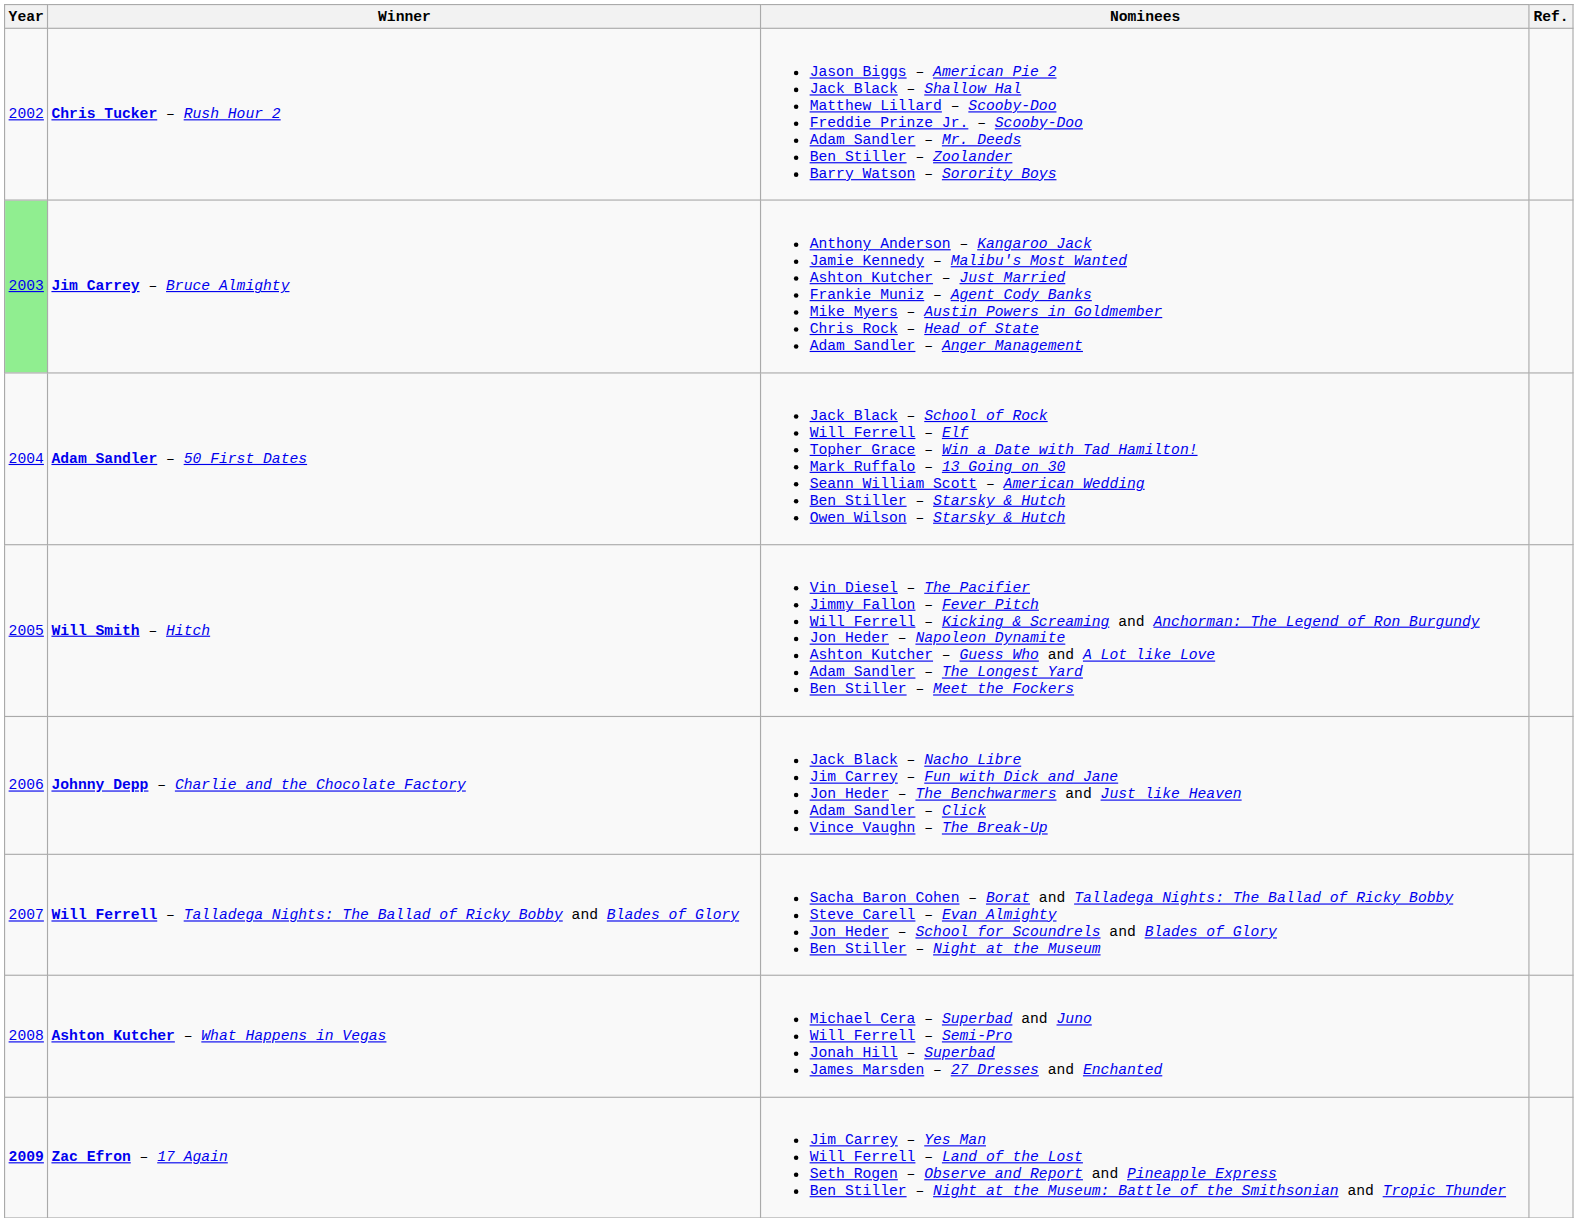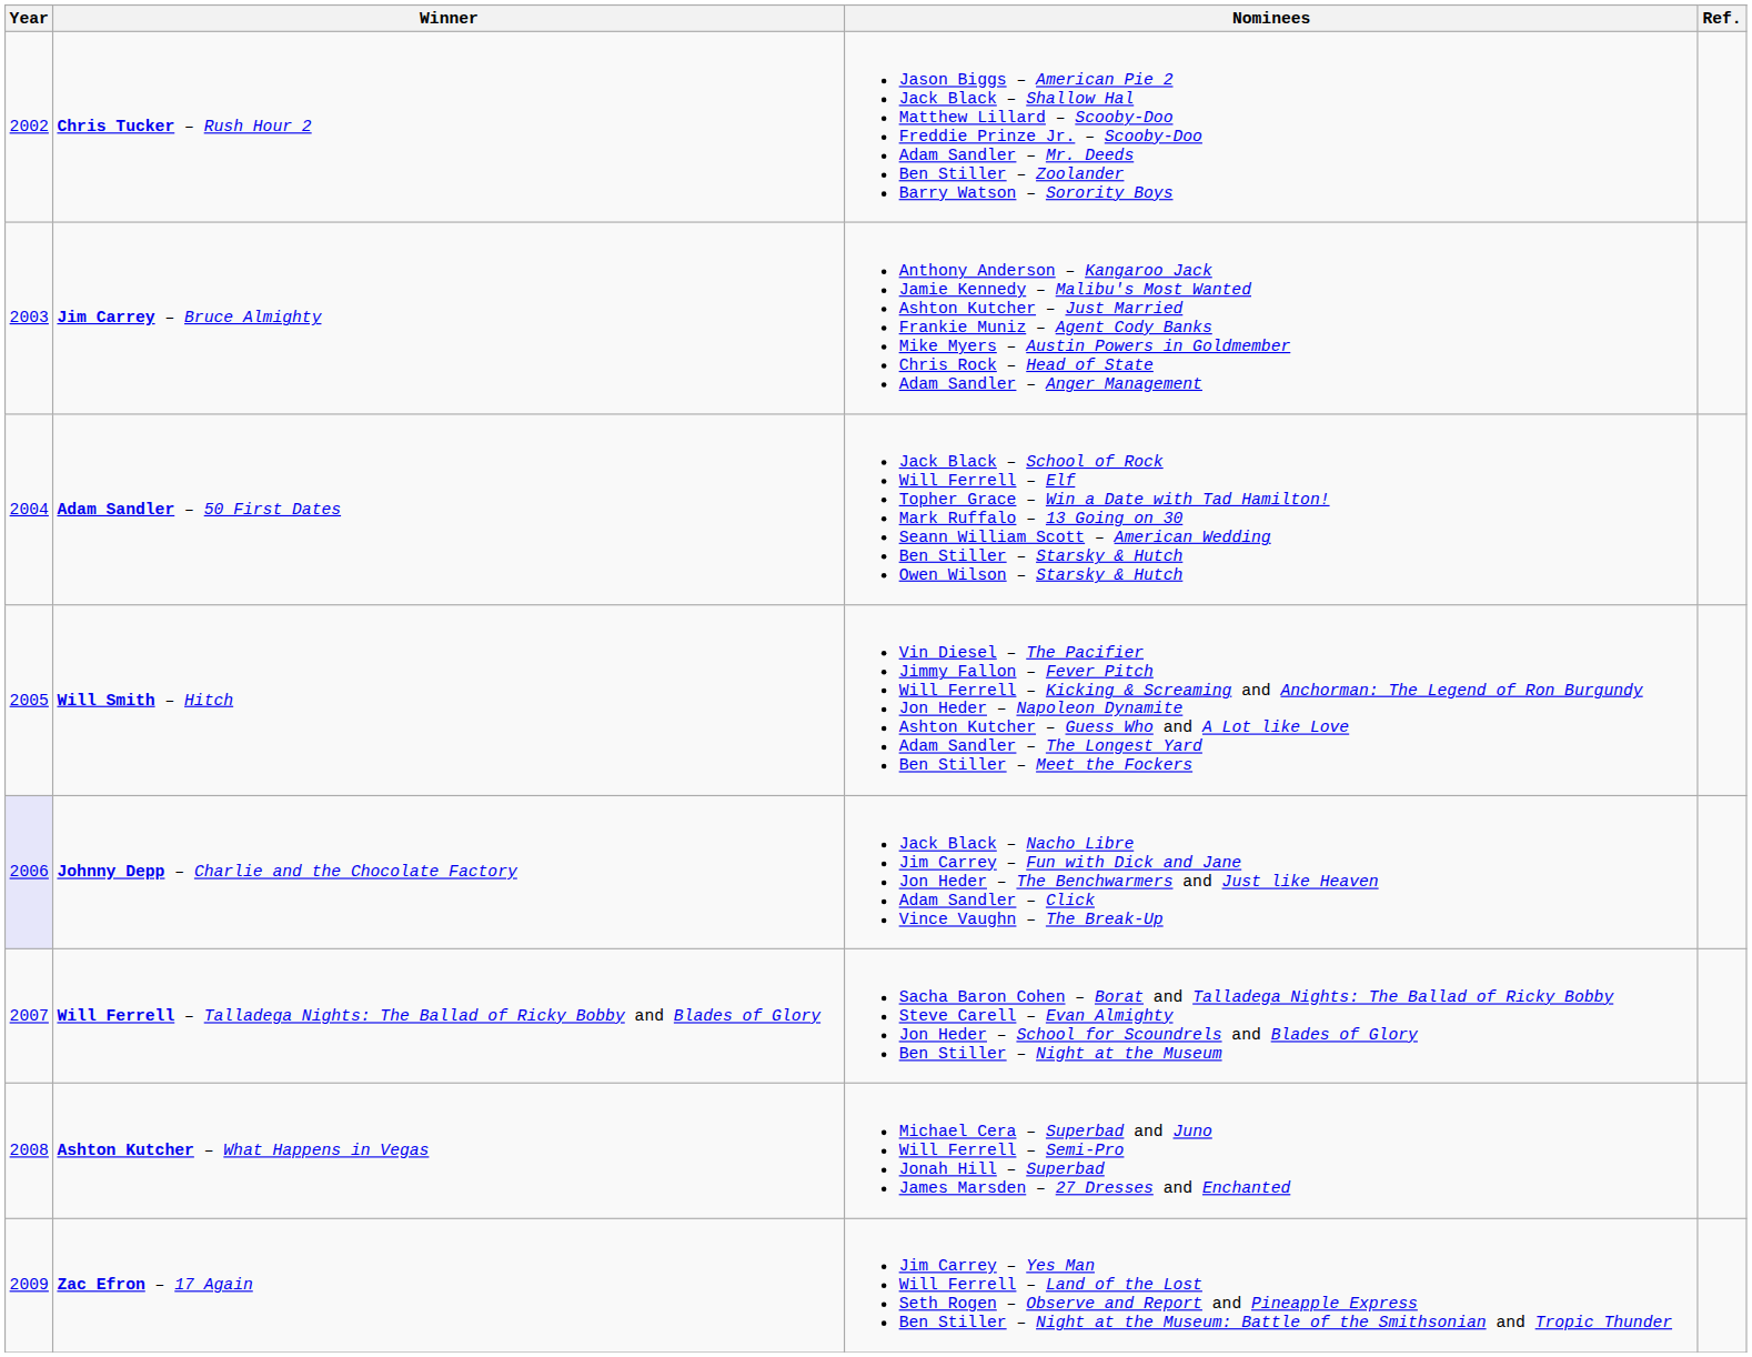 <table class="wikitable" width=70%>
 <tr>
 <th>Year</th>
 <th>Winner</th>
 <th>Nominees</th>
 <th>Ref.</th>
 </tr>
 <tr>
 <td align="center"><a href='#'>2002</a></td>
 <td><strong><a href='#'>Chris Tucker</a></strong> – <em><a href='#'>Rush Hour 2</a></em></td>
 <td><br><ul><li><a href='#'>Jason Biggs</a> – <em><a href='#'>American Pie 2</a></em></li><li><a href='#'>Jack Black</a> – <em><a href='#'>Shallow Hal</a></em></li><li><a href='#'>Matthew Lillard</a> – <em><a href='#'>Scooby-Doo</a></em></li><li><a href='#'>Freddie Prinze Jr.</a> – <em><a href='#'>Scooby-Doo</a></em></li><li><a href='#'>Adam Sandler</a> – <em><a href='#'>Mr. Deeds</a></em></li><li><a href='#'>Ben Stiller</a> – <em><a href='#'>Zoolander</a></em></li><li><a href='#'>Barry Watson</a> – <em><a href='#'>Sorority Boys</a></em></li></ul></td>
 <td align="center"></td>
 </tr>
 <tr>
-<td align="center" style="background: lightgreen;"><a href='#'>2003</a></td>
+<td align="center"><a href='#'>2003</a></td>
 <td><strong><a href='#'>Jim Carrey</a></strong> – <em><a href='#'>Bruce Almighty</a></em></td>
 <td><br><ul><li><a href='#'>Anthony Anderson</a> – <em><a href='#'>Kangaroo Jack</a></em></li><li><a href='#'>Jamie Kennedy</a> – <em><a href='#'>Malibu's Most Wanted</a></em></li><li><a href='#'>Ashton Kutcher</a> – <em><a href='#'>Just Married</a></em></li><li><a href='#'>Frankie Muniz</a> – <em><a href='#'>Agent Cody Banks</a></em></li><li><a href='#'>Mike Myers</a> – <em><a href='#'>Austin Powers in Goldmember</a></em></li><li><a href='#'>Chris Rock</a> – <em><a href='#'>Head of State</a></em></li><li><a href='#'>Adam Sandler</a> – <em><a href='#'>Anger Management</a></em></li></ul></td>
 <td align="center"></td>
 </tr>
 <tr>
 <td align="center"><a href='#'>2004</a></td>
 <td><strong><a href='#'>Adam Sandler</a></strong> – <em><a href='#'>50 First Dates</a></em></td>
 <td><br><ul><li><a href='#'>Jack Black</a> – <em><a href='#'>School of Rock</a></em></li><li><a href='#'>Will Ferrell</a> – <em><a href='#'>Elf</a></em></li><li><a href='#'>Topher Grace</a> – <em><a href='#'>Win a Date with Tad Hamilton!</a></em></li><li><a href='#'>Mark Ruffalo</a> – <em><a href='#'>13 Going on 30</a></em></li><li><a href='#'>Seann William Scott</a> – <em><a href='#'>American Wedding</a></em></li><li><a href='#'>Ben Stiller</a> – <em><a href='#'>Starsky & Hutch</a></em></li><li><a href='#'>Owen Wilson</a> – <em><a href='#'>Starsky & Hutch</a></em></li></ul></td>
 <td align="center"></td>
 </tr>
 <tr>
 <td align="center"><a href='#'>2005</a></td>
 <td><strong><a href='#'>Will Smith</a></strong> – <em><a href='#'>Hitch</a></em></td>
 <td><br><ul><li><a href='#'>Vin Diesel</a> – <em><a href='#'>The Pacifier</a></em></li><li><a href='#'>Jimmy Fallon</a> – <em><a href='#'>Fever Pitch</a></em></li><li><a href='#'>Will Ferrell</a> – <em><a href='#'>Kicking & Screaming</a></em> and <em><a href='#'>Anchorman: The Legend of Ron Burgundy</a></em></li><li><a href='#'>Jon Heder</a> – <em><a href='#'>Napoleon Dynamite</a></em></li><li><a href='#'>Ashton Kutcher</a> – <em><a href='#'>Guess Who</a></em> and <em><a href='#'>A Lot like Love</a></em></li><li><a href='#'>Adam Sandler</a> – <em><a href='#'>The Longest Yard</a></em></li><li><a href='#'>Ben Stiller</a> – <em><a href='#'>Meet the Fockers</a></em></li></ul></td>
 <td align="center"></td>
 </tr>
 <tr>
-<td align="center"><a href='#'>2006</a></td>
+<td align="center" style="background: lavender;"><a href='#'>2006</a></td>
 <td><strong><a href='#'>Johnny Depp</a></strong> – <em><a href='#'>Charlie and the Chocolate Factory</a></em></td>
 <td><br><ul><li><a href='#'>Jack Black</a> – <em><a href='#'>Nacho Libre</a></em></li><li><a href='#'>Jim Carrey</a> – <em><a href='#'>Fun with Dick and Jane</a></em></li><li><a href='#'>Jon Heder</a> – <em><a href='#'>The Benchwarmers</a></em> and <em><a href='#'>Just like Heaven</a></em></li><li><a href='#'>Adam Sandler</a> – <em><a href='#'>Click</a></em></li><li><a href='#'>Vince Vaughn</a> – <em><a href='#'>The Break-Up</a></em></li></ul></td>
 <td align="center"></td>
 </tr>
 <tr>
 <td align="center"><a href='#'>2007</a></td>
 <td><strong><a href='#'>Will Ferrell</a></strong> – <em><a href='#'>Talladega Nights: The Ballad of Ricky Bobby</a></em> and <em><a href='#'>Blades of Glory</a></em></td>
 <td><br><ul><li><a href='#'>Sacha Baron Cohen</a> – <em><a href='#'>Borat</a></em> and <em><a href='#'>Talladega Nights: The Ballad of Ricky Bobby</a></em></li><li><a href='#'>Steve Carell</a> – <em><a href='#'>Evan Almighty</a></em></li><li><a href='#'>Jon Heder</a> – <em><a href='#'>School for Scoundrels</a></em> and <em><a href='#'>Blades of Glory</a></em></li><li><a href='#'>Ben Stiller</a> – <em><a href='#'>Night at the Museum</a></em></li></ul></td>
 <td align="center"></td>
 </tr>
 <tr>
 <td align="center"><a href='#'>2008</a></td>
 <td><strong><a href='#'>Ashton Kutcher</a></strong> – <em><a href='#'>What Happens in Vegas</a></em></td>
 <td><br><ul><li><a href='#'>Michael Cera</a> – <em><a href='#'>Superbad</a></em> and <em><a href='#'>Juno</a></em></li><li><a href='#'>Will Ferrell</a> – <em><a href='#'>Semi-Pro</a></em></li><li><a href='#'>Jonah Hill</a> – <em><a href='#'>Superbad</a></em></li><li><a href='#'>James Marsden</a> – <em><a href='#'>27 Dresses</a></em> and <em><a href='#'>Enchanted</a></em></li></ul></td>
 <td align="center"></td>
 </tr>
 <tr>
-<td align="center"><strong><a href='#'>2009</a></strong></td>
+<td align="center"><a href='#'>2009</a></td>
 <td><strong><a href='#'>Zac Efron</a></strong> – <em><a href='#'>17 Again</a></em></td>
 <td><br><ul><li><a href='#'>Jim Carrey</a> – <em><a href='#'>Yes Man</a></em></li><li><a href='#'>Will Ferrell</a> – <em><a href='#'>Land of the Lost</a></em></li><li><a href='#'>Seth Rogen</a> – <em><a href='#'>Observe and Report</a></em>  and <em><a href='#'>Pineapple Express</a></em></li><li><a href='#'>Ben Stiller</a> – <em><a href='#'>Night at the Museum: Battle of the Smithsonian</a></em> and <em><a href='#'>Tropic Thunder</a></em></li></ul></td>
 <td align="center"></td>
 </tr>
 <tr>
 </tr>
 </table>
